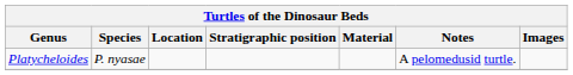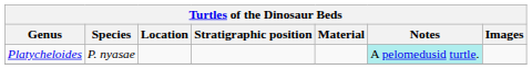 <table class="wikitable" align="center">
 <tr>
 <th colspan="7" align="center"><a href='#'>Turtles</a> of the Dinosaur Beds</th>
 </tr>
 <tr>
 <th>Genus</th>
 <th>Species</th>
 <th>Location</th>
 <th>Stratigraphic position</th>
 <th>Material</th>
 <th>Notes</th>
 <th>Images</th>
 </tr>
 <tr>
 <td><em><a href='#'>Platycheloides</a></em></td>
 <td><em>P. nyasae</em></td>
 <td></td>
 <td></td>
 <td></td>
-<td>A <a href='#'>pelomedusid</a> <a href='#'>turtle</a>.</td>
+<td style="background: paleturquoise;">A <a href='#'>pelomedusid</a> <a href='#'>turtle</a>.</td>
 <td></td>
 </tr>
 <tr>
 </tr>
 </table>
